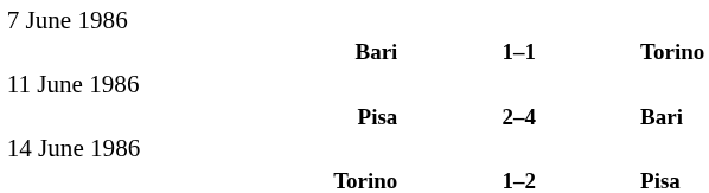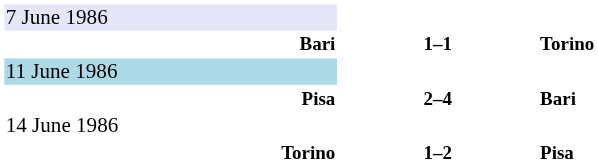 <table width=100% cellspacing=1>
 <tr>
 <th width=20%></th>
 <th width=12%></th>
 <th width=20%></th>
 <th></th>
 </tr>
 <tr>
-<td>7 June 1986</td>
+<td style="background: lavender;">7 June 1986</td>
 </tr>
 <tr style=font-size:90%>
 <td align=right><strong>Bari</strong></td>
 <td align=center><strong>1–1</strong></td>
 <td><strong>Torino</strong></td>
 </tr>
 <tr>
-<td>11 June 1986</td>
+<td style="background: lightblue;">11 June 1986</td>
 </tr>
 <tr style=font-size:90%>
 <td align=right><strong>Pisa</strong></td>
 <td align=center><strong>2–4</strong></td>
 <td><strong>Bari</strong></td>
 </tr>
 <tr>
 <td>14 June 1986</td>
 </tr>
 <tr style=font-size:90%>
 <td align=right><strong>Torino</strong></td>
 <td align=center><strong>1–2</strong></td>
 <td><strong>Pisa</strong></td>
 </tr>
 </table>
